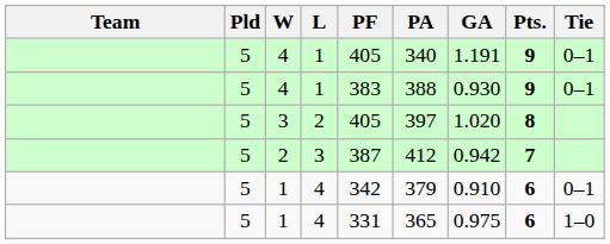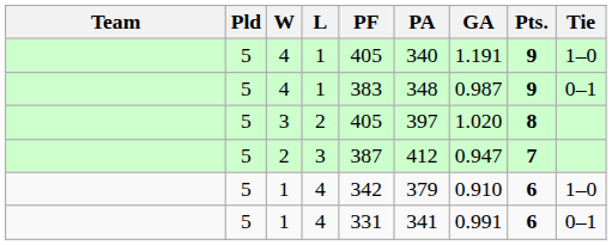 <table class=wikitable style="text-align:center">
 <tr>
 <th width=160>Team</th>
 <th width=20>Pld</th>
 <th width=20>W</th>
 <th width=20>L</th>
 <th width=35>PF</th>
 <th width=35>PA</th>
 <th width=35>GA</th>
 <th width=30>Pts.</th>
 <th width=30>Tie</th>
 </tr>
 <tr bgcolor=#ccffcc>
 <td align=left></td>
 <td>5</td>
 <td>4</td>
 <td>1</td>
 <td>405</td>
 <td>340</td>
 <td>1.191</td>
 <td><strong>9</strong></td>
-<td>0–1</td>
+<td>1–0</td>
 </tr>
 <tr bgcolor=#ccffcc>
 <td align=left></td>
 <td>5</td>
 <td>4</td>
 <td>1</td>
 <td>383</td>
-<td>388</td>
-<td>0.930</td>
+<td>348</td>
+<td>0.987</td>
 <td><strong>9</strong></td>
 <td>0–1</td>
 </tr>
 <tr bgcolor=#ccffcc>
 <td align=left></td>
 <td>5</td>
 <td>3</td>
 <td>2</td>
 <td>405</td>
 <td>397</td>
 <td>1.020</td>
 <td><strong>8</strong></td>
 <td></td>
 </tr>
 <tr bgcolor=#ccffcc>
 <td align=left></td>
 <td>5</td>
 <td>2</td>
 <td>3</td>
 <td>387</td>
 <td>412</td>
-<td>0.942</td>
+<td>0.947</td>
 <td><strong>7</strong></td>
 <td></td>
 </tr>
 <tr>
 <td align=left></td>
 <td>5</td>
 <td>1</td>
 <td>4</td>
 <td>342</td>
 <td>379</td>
 <td>0.910</td>
 <td><strong>6</strong></td>
-<td>0–1</td>
+<td>1–0</td>
 </tr>
 <tr>
 <td align=left></td>
 <td>5</td>
 <td>1</td>
 <td>4</td>
 <td>331</td>
-<td>365</td>
-<td>0.975</td>
+<td>341</td>
+<td>0.991</td>
 <td><strong>6</strong></td>
-<td>1–0</td>
+<td>0–1</td>
 </tr>
 </table>
